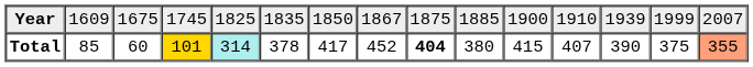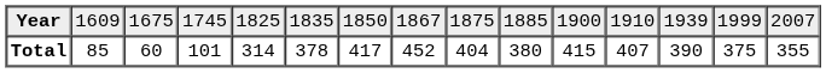 <table border="1" cellpadding="2" cellspacing="0" width="500">
 <tr bgcolor="#eeeeee" align="center">
 <td><strong>Year</strong></td>
 <td>1609</td>
 <td>1675</td>
 <td>1745</td>
 <td>1825</td>
 <td>1835</td>
 <td>1850</td>
 <td>1867</td>
 <td>1875</td>
 <td>1885</td>
 <td>1900</td>
 <td>1910</td>
 <td>1939</td>
 <td>1999</td>
 <td>2007</td>
 </tr>
 <tr align="center">
 <td><strong>Total</strong></td>
 <td>85</td>
 <td>60</td>
-<td style="background: gold;">101</td>
-<td style="background: paleturquoise;">314</td>
+<td>101</td>
+<td>314</td>
 <td>378</td>
 <td>417</td>
 <td>452</td>
-<td><strong>404</strong></td>
+<td>404</td>
 <td>380</td>
 <td>415</td>
 <td>407</td>
 <td>390</td>
 <td>375</td>
-<td style="background: lightsalmon;">355</td>
+<td>355</td>
 </tr>
 </table>
